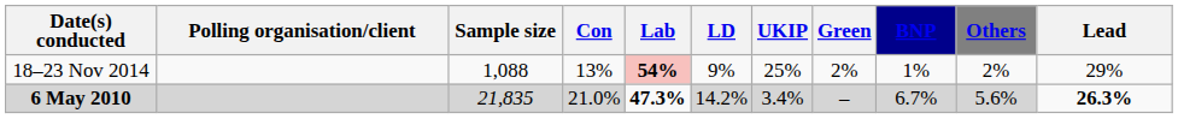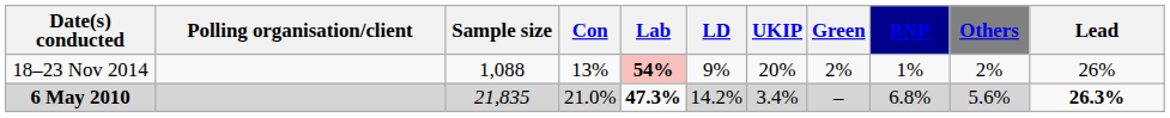 <table class="wikitable sortable" style="text-align:center;font-size:90%;line-height:14px">
 <tr>
 <th ! style="width:100px;">Date(s)<br>conducted</th>
 <th style="width:200px;">Polling organisation/client</th>
 <th class="unsortable" style="width:75px;">Sample size</th>
 <th class="unsortable" style="background:"><a href='#'><span>Con</span></a></th>
 <th class="unsortable" style="background:"><a href='#'><span>Lab</span></a></th>
 <th class="unsortable" style="background:"><a href='#'><span>LD</span></a></th>
 <th class="unsortable" style="background:"><a href='#'><span>UKIP</span></a></th>
 <th class="unsortable" style="background:"><a href='#'><span>Green</span></a></th>
 <th class="unsortable" style="background:#00008B; text-color:white; width:50px;"><a href='#'><span>BNP</span></a></th>
 <th class="unsortable" style="background:gray; width:50px;"><a href='#'><span>Others</span></a></th>
 <th class="unsortable" style="width:90px;">Lead</th>
 </tr>
 <tr>
 <td>18–23 Nov 2014</td>
 <td> </td>
 <td>1,088</td>
 <td>13%</td>
 <td style="background:#F8C1BE"><strong>54%</strong></td>
 <td>9%</td>
-<td>25%</td>
+<td>20%</td>
 <td>2%</td>
 <td>1%</td>
 <td>2%</td>
-<td style="background:">29%</td>
+<td style="background:">26%</td>
 </tr>
 <tr>
 <td style="background:#D5D5D5"><strong>6 May 2010</strong></td>
 <td style="background:#D5D5D5"></td>
 <td style="background:#D5D5D5"><em>21,835</em></td>
 <td style="background:#D5D5D5">21.0%</td>
 <td style="background:"><strong>47.3%</strong></td>
 <td style="background:#D5D5D5">14.2%</td>
 <td style="background:#D5D5D5">3.4%</td>
 <td style="background:#D5D5D5">–</td>
-<td style="background:#D5D5D5">6.7%</td>
+<td style="background:#D5D5D5">6.8%</td>
 <td style="background:#D5D5D5">5.6%</td>
 <td style="background:"><strong>26.3% </strong></td>
 </tr>
 </table>
